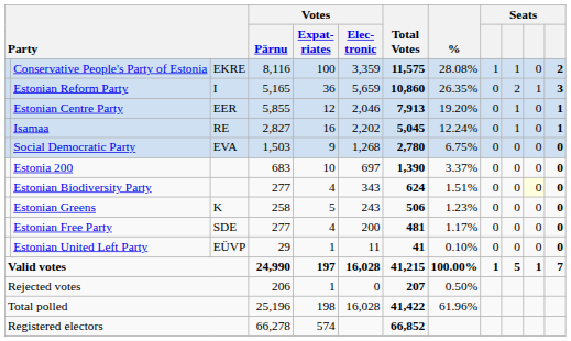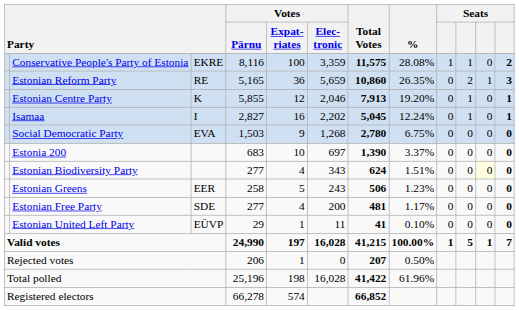 <table class="wikitable" border="1" style="text-align:right;">
 <tr>
 <th style="text-align:left;" valign=bottom rowspan=2 colspan=3>Party</th>
 <th colspan=3>Votes</th>
 <th align=center valign=bottom rowspan=2 width="50">Total Votes</th>
 <th align=center valign=bottom rowspan=2 width="50">%</th>
 <th colspan=4>Seats</th>
 </tr>
 <tr>
 <th align=center valign=bottom width="50"><a href='#'>Pärnu</a></th>
 <th align=center valign=bottom width="50"><a href='#'>Expat- riates</a></th>
 <th align=center valign=bottom width="50"><a href='#'>Elec- tronic</a></th>
 <th align=center valign=bottom width="20"><small></small></th>
 <th align=center valign=bottom width="20"><small></small></th>
 <th align=center valign=bottom width="20"><small></small></th>
 <th align=center valign=bottom width="20"><small></small></th>
 </tr>
 <tr style="background:#CEE0F2;">
 <td style="background:"></td>
 <td align=left><a href='#'>Conservative People's Party of Estonia</a></td>
 <td align=left>EKRE</td>
 <td>8,116</td>
 <td>100</td>
 <td>3,359</td>
 <td><strong>11,575</strong></td>
 <td>28.08%</td>
 <td>1</td>
 <td>1</td>
 <td>0</td>
 <td><strong>2</strong></td>
 </tr>
 <tr style="background:#CEE0F2;">
 <td style="background:"></td>
 <td align=left><a href='#'>Estonian Reform Party</a></td>
-<td align=left>I</td>
+<td align=left>RE</td>
 <td>5,165</td>
 <td>36</td>
 <td>5,659</td>
 <td><strong>10,860</strong></td>
 <td>26.35%</td>
 <td>0</td>
 <td>2</td>
 <td>1</td>
 <td><strong>3</strong></td>
 </tr>
 <tr style="background:#CEE0F2;">
 <td style="background:"></td>
 <td align=left><a href='#'>Estonian Centre Party</a></td>
-<td align=left>EER</td>
+<td align=left>K</td>
 <td>5,855</td>
 <td>12</td>
 <td>2,046</td>
 <td><strong>7,913</strong></td>
 <td>19.20%</td>
 <td>0</td>
 <td>1</td>
 <td>0</td>
 <td><strong>1</strong></td>
 </tr>
 <tr style="background:#CEE0F2;">
 <td style="background:"></td>
 <td align=left><a href='#'>Isamaa</a></td>
-<td align=left>RE</td>
+<td align=left>I</td>
 <td>2,827</td>
 <td>16</td>
 <td>2,202</td>
 <td><strong>5,045</strong></td>
 <td>12.24%</td>
 <td>0</td>
 <td>1</td>
 <td>0</td>
 <td><strong>1</strong></td>
 </tr>
 <tr style="background:#CEE0F2;">
 <td style="background:"></td>
 <td align=left><a href='#'>Social Democratic Party</a></td>
 <td align=left>EVA</td>
 <td>1,503</td>
 <td>9</td>
 <td>1,268</td>
 <td><strong>2,780</strong></td>
 <td>6.75%</td>
 <td>0</td>
 <td>0</td>
 <td>0</td>
 <td><strong>0</strong></td>
 </tr>
 <tr>
 <td style="background:"></td>
 <td align=left><a href='#'>Estonia 200</a></td>
 <td></td>
 <td>683</td>
 <td>10</td>
 <td>697</td>
 <td><strong>1,390</strong></td>
 <td>3.37%</td>
 <td>0</td>
 <td>0</td>
 <td>0</td>
 <td><strong>0</strong></td>
 </tr>
 <tr>
 <td style="background:"></td>
 <td align=left><a href='#'>Estonian Biodiversity Party</a></td>
 <td></td>
 <td>277</td>
 <td>4</td>
 <td>343</td>
 <td><strong>624</strong></td>
 <td>1.51%</td>
 <td>0</td>
 <td>0</td>
 <td style="background: lightyellow;">0</td>
 <td><strong>0</strong></td>
 </tr>
 <tr>
 <td style="background:"></td>
 <td align=left><a href='#'>Estonian Greens</a></td>
-<td align=left>K</td>
+<td align=left>EER</td>
 <td>258</td>
 <td>5</td>
 <td>243</td>
 <td><strong>506</strong></td>
 <td>1.23%</td>
 <td>0</td>
 <td>0</td>
 <td>0</td>
 <td><strong>0</strong></td>
 </tr>
 <tr>
 <td style="background:"></td>
 <td align=left><a href='#'>Estonian Free Party</a></td>
 <td align=left>SDE</td>
 <td>277</td>
 <td>4</td>
 <td>200</td>
 <td><strong>481</strong></td>
 <td>1.17%</td>
 <td>0</td>
 <td>0</td>
 <td>0</td>
 <td><strong>0</strong></td>
 </tr>
 <tr>
 <td style="background:"></td>
 <td align=left><a href='#'>Estonian United Left Party</a></td>
 <td align=left>EÜVP</td>
 <td>29</td>
 <td>1</td>
 <td>11</td>
 <td><strong>41</strong></td>
 <td>0.10%</td>
 <td>0</td>
 <td>0</td>
 <td>0</td>
 <td><strong>0</strong></td>
 </tr>
 <tr style="font-weight:bold">
 <td align=left colspan=3>Valid votes</td>
 <td>24,990</td>
 <td>197</td>
 <td>16,028</td>
 <td>41,215</td>
 <td>100.00%</td>
 <td>1</td>
 <td>5</td>
 <td>1</td>
 <td>7</td>
 </tr>
 <tr>
 <td align=left colspan=3>Rejected votes</td>
 <td>206</td>
 <td>1</td>
 <td>0</td>
 <td><strong>207</strong></td>
 <td>0.50%</td>
 <td></td>
 <td></td>
 <td></td>
 <td></td>
 </tr>
 <tr>
 <td align=left colspan=3>Total polled</td>
 <td>25,196</td>
 <td>198</td>
 <td>16,028</td>
 <td><strong>41,422</strong></td>
 <td>61.96%</td>
 <td></td>
 <td></td>
 <td></td>
 <td></td>
 </tr>
 <tr>
 <td align=left colspan=3>Registered electors</td>
 <td>66,278</td>
 <td>574</td>
 <td></td>
 <td><strong>66,852</strong></td>
 <td></td>
 <td></td>
 <td></td>
 <td></td>
 <td></td>
 </tr>
 </table>
